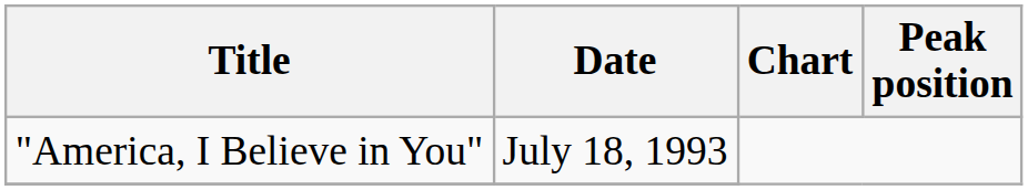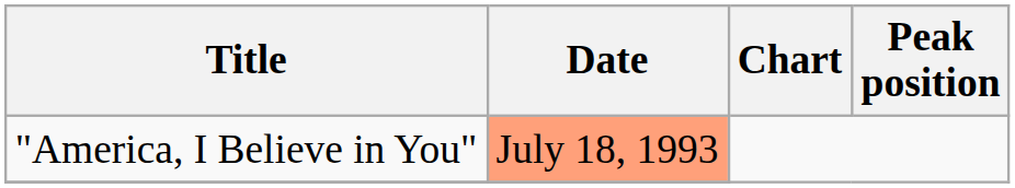 <table class="wikitable">
 <tr>
 <th>Title</th>
 <th>Date</th>
 <th>Chart</th>
 <th>Peak<br>position</th>
 </tr>
 <tr>
 <td>"America, I Believe in You"</td>
-<td>July 18, 1993<br></td>
+<td style="background: lightsalmon;">July 18, 1993<br></td>
 </tr>
 <tr>
 </tr>
 </table>
